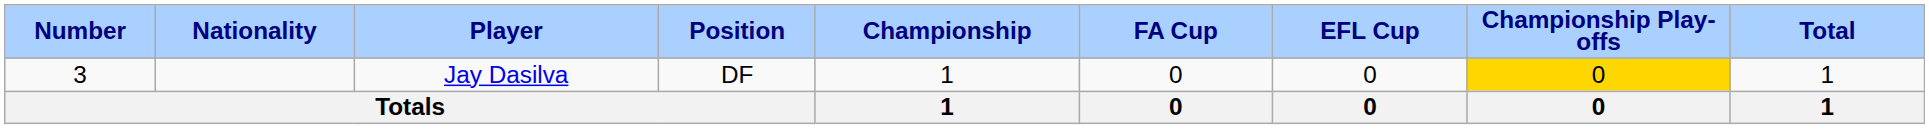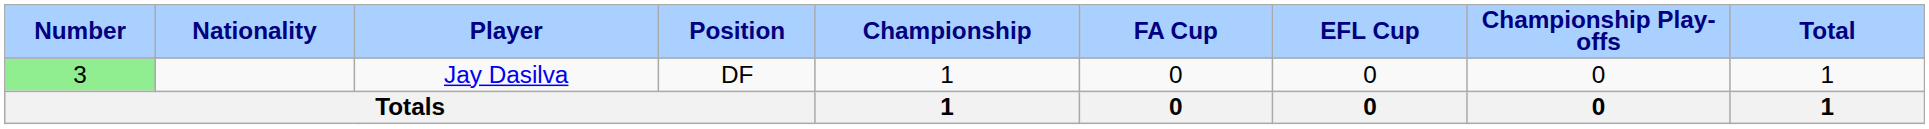 <table class="wikitable sortable alternance" style="font-size:100%; text-align:center; line-height:14px; width:100%;">
 <tr>
 <th style="background:#AAD0FF; color:#000080; width:50px;">Number</th>
 <th style="background:#AAD0FF; color:#000080; width:50px;">Nationality</th>
 <th style="background:#AAD0FF; color:#000080; width:130px;">Player</th>
 <th style="background:#AAD0FF; color:#000080; width:50px;">Position</th>
 <th style="background:#AAD0FF; color:#000080; width:80px;">Championship</th>
 <th style="background:#AAD0FF; color:#000080; width:80px;">FA Cup</th>
 <th style="background:#AAD0FF; color:#000080; width:80px;">EFL Cup</th>
 <th style="background:#AAD0FF; color:#000080; width:100px;">Championship Play-offs</th>
 <th style="background:#AAD0FF; color:#000080; width:80px;">Total</th>
 </tr>
 <tr>
-<td>3</td>
+<td style="background: lightgreen;">3</td>
 <td></td>
 <td><a href='#'>Jay Dasilva</a></td>
 <td>DF</td>
 <td>1</td>
 <td>0</td>
 <td>0</td>
-<td style="background: gold;">0</td>
+<td>0</td>
 <td>1</td>
 </tr>
 <tr class="sortbottom">
 <th colspan="4">Totals</th>
 <th>1</th>
 <th>0</th>
 <th>0</th>
 <th>0</th>
 <th>1</th>
 </tr>
 </table>
